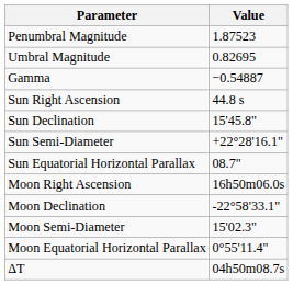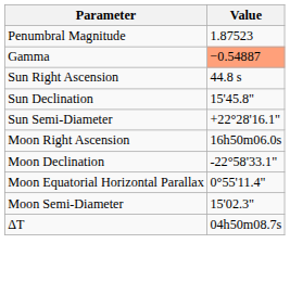 <table class="wikitable">
 <tr>
 <th>Parameter</th>
 <th>Value</th>
 </tr>
 <tr>
 <td>Penumbral Magnitude</td>
 <td>1.87523</td>
 </tr>
 <tr>
-<td>Umbral Magnitude</td>
-<td>0.82695</td>
-</tr>
-<tr>
 <td>Gamma</td>
-<td>−0.54887</td>
+<td style="background: lightsalmon;">−0.54887</td>
 </tr>
 <tr>
 <td>Sun Right Ascension</td>
 <td>44.8 s</td>
 </tr>
 <tr>
 <td>Sun Declination</td>
 <td>15'45.8"</td>
 </tr>
 <tr>
 <td>Sun Semi-Diameter</td>
 <td>+22°28'16.1"</td>
 </tr>
 <tr>
-<td>Sun Equatorial Horizontal Parallax</td>
-<td>08.7"</td>
-</tr>
-<tr>
 <td>Moon Right Ascension</td>
 <td>16h50m06.0s</td>
 </tr>
 <tr>
 <td>Moon Declination</td>
 <td>-22°58'33.1"</td>
 </tr>
 <tr>
+<td>Moon Equatorial Horizontal Parallax</td>
+<td>0°55'11.4"</td>
+</tr>
+<tr>
 <td>Moon Semi-Diameter</td>
 <td>15'02.3"</td>
-</tr>
-<tr>
-<td>Moon Equatorial Horizontal Parallax</td>
-<td>0°55'11.4"</td>
 </tr>
 <tr>
 <td>ΔT</td>
 <td>04h50m08.7s</td>
 </tr>
 </table>
